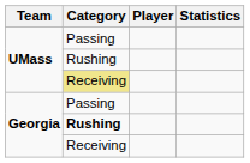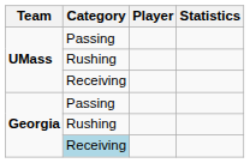 <table class="wikitable" style="float: right;">
 <tr>
 <th>Team</th>
 <th>Category</th>
 <th>Player</th>
 <th>Statistics</th>
 </tr>
 <tr>
 <td rowspan=3><strong>UMass</strong></td>
 <td>Passing</td>
 <td></td>
 <td></td>
 </tr>
 <tr>
 <td>Rushing</td>
 <td></td>
 <td></td>
 </tr>
 <tr>
-<td style="background: khaki;">Receiving</td>
+<td>Receiving</td>
 <td></td>
 <td></td>
 </tr>
 <tr>
 <td rowspan=3><strong>Georgia</strong></td>
 <td>Passing</td>
 <td></td>
 <td></td>
 </tr>
 <tr>
-<td><strong>Rushing</strong></td>
+<td>Rushing</td>
 <td></td>
 <td></td>
 </tr>
 <tr>
-<td>Receiving</td>
+<td style="background: lightblue;">Receiving</td>
 <td></td>
 <td></td>
 </tr>
 </table>
